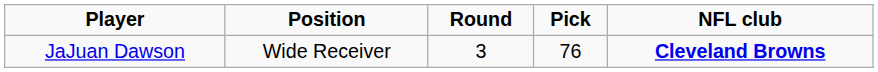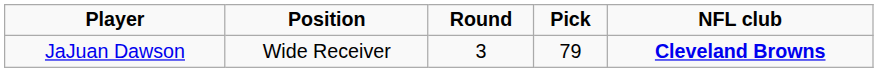 <table class="wikitable" width="80%">
 <tr align="center">
 <td><strong>Player</strong></td>
 <td><strong>Position</strong></td>
 <td><strong>Round</strong></td>
 <td><strong>Pick</strong></td>
 <td><strong>NFL club</strong></td>
 </tr>
 <tr align="center" bgcolor="">
 <td><a href='#'>JaJuan Dawson</a></td>
 <td>Wide Receiver</td>
 <td>3</td>
-<td>76</td>
+<td>79</td>
 <td><strong><a href='#'>Cleveland Browns</a></strong></td>
 </tr>
 </table>
